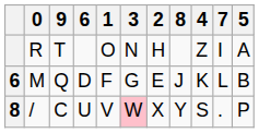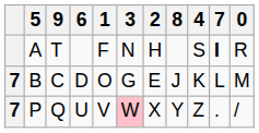 <table class="wikitable">
 <tr>
 <th> </th>
-<th>0</th>
+<th>5</th>
 <th>9</th>
 <th>6</th>
 <th>1</th>
 <th>3</th>
 <th>2</th>
 <th>8</th>
 <th>4</th>
 <th>7</th>
-<th>5</th>
+<th>0</th>
 </tr>
 <tr>
 <th> </th>
-<td>R</td>
+<td>A</td>
 <td>T</td>
 <td></td>
-<td>O</td>
+<td>F</td>
 <td>N</td>
 <td>H</td>
 <td></td>
-<td>Z</td>
-<td>I</td>
-<td>A</td>
+<td>S</td>
+<td><strong>I</strong></td>
+<td>R</td>
 </tr>
 <tr>
-<th>6</th>
-<td>M</td>
-<td>Q</td>
+<th>7</th>
+<td>B</td>
+<td>C</td>
 <td>D</td>
-<td>F</td>
+<td>O</td>
 <td>G</td>
 <td>E</td>
 <td>J</td>
 <td>K</td>
 <td>L</td>
-<td>B</td>
+<td>M</td>
 </tr>
 <tr>
-<th>8</th>
-<td>/</td>
-<td>C</td>
+<th>7</th>
+<td>P</td>
+<td>Q</td>
 <td>U</td>
 <td>V</td>
 <td style="background: pink;">W</td>
 <td>X</td>
 <td>Y</td>
-<td>S</td>
+<td>Z</td>
 <td>.</td>
-<td>P</td>
+<td>/</td>
 </tr>
 </table>
